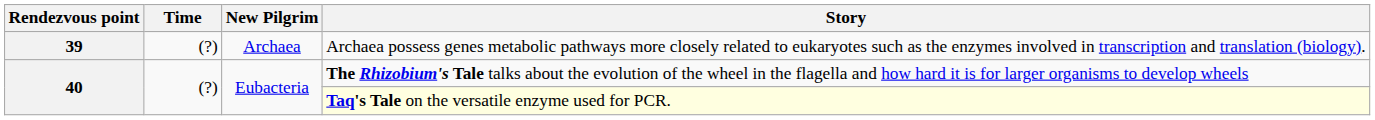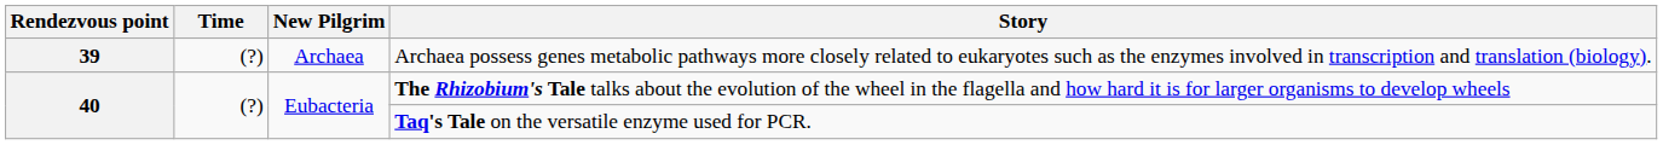 <table class="wikitable">
 <tr>
 <th>Rendezvous point</th>
 <th style="width:65px;">Time</th>
 <th>New Pilgrim</th>
 <th>Story</th>
 </tr>
 <tr>
 <th>39</th>
 <td style="text-align:right;">(?)</td>
 <td style="text-align:center;"><a href='#'>Archaea</a></td>
 <td>Archaea possess genes metabolic pathways more closely related to eukaryotes such as the enzymes involved in <a href='#'>transcription</a> and <a href='#'>translation (biology)</a>.</td>
 </tr>
 <tr>
 <th rowspan="2">40</th>
 <td rowspan="2" style="text-align:right;">(?)</td>
 <td rowspan="2" style="text-align:center;"><a href='#'>Eubacteria</a></td>
 <td><strong>The <em><a href='#'>Rhizobium</a>'s</em> Tale</strong> talks about the evolution of the wheel in the flagella and <a href='#'>how hard it is for larger organisms to develop wheels</a></td>
 </tr>
 <tr>
-<td style="background: lightyellow;"><strong><a href='#'>Taq</a>'s Tale</strong> on the versatile enzyme used for PCR.</td>
+<td><strong><a href='#'>Taq</a>'s Tale</strong> on the versatile enzyme used for PCR.</td>
 </tr>
 </table>
